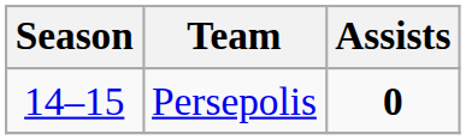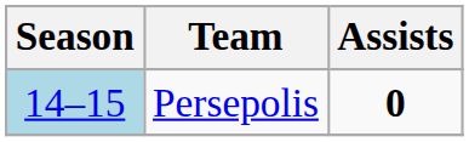 <table class="wikitable" style="text-align: center;">
 <tr>
 <th>Season</th>
 <th>Team</th>
 <th>Assists</th>
 </tr>
 <tr>
-<td><a href='#'>14–15</a></td>
+<td style="background: lightblue;"><a href='#'>14–15</a></td>
 <td align="left"><a href='#'>Persepolis</a></td>
 <td><strong>0</strong></td>
 </tr>
 <tr>
 </tr>
 </table>
